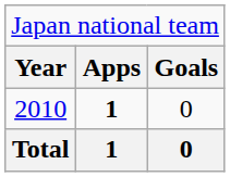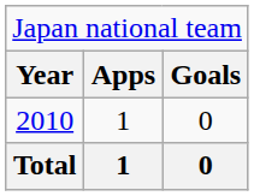 <table class="wikitable" style="text-align:center">
 <tr>
 <td colspan="3"><a href='#'>Japan national team</a></td>
 </tr>
 <tr>
 <th>Year</th>
 <th>Apps</th>
 <th>Goals</th>
 </tr>
 <tr>
 <td><a href='#'>2010</a></td>
-<td><strong>1</strong></td>
+<td>1</td>
 <td>0</td>
 </tr>
 <tr>
 <th>Total</th>
 <th>1</th>
 <th>0</th>
 </tr>
 </table>
